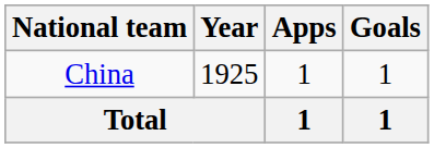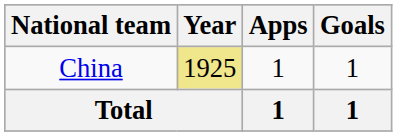 <table class="wikitable" style="text-align:center">
 <tr>
 <th>National team</th>
 <th>Year</th>
 <th>Apps</th>
 <th>Goals</th>
 </tr>
 <tr>
 <td><a href='#'>China</a></td>
-<td>1925</td>
+<td style="background: khaki;">1925</td>
 <td>1</td>
 <td>1</td>
 </tr>
 <tr>
 <th colspan=2>Total</th>
 <th>1</th>
 <th>1</th>
 </tr>
 </table>
